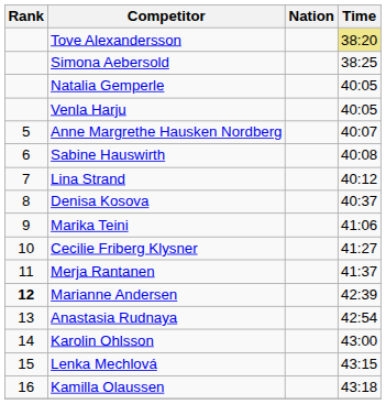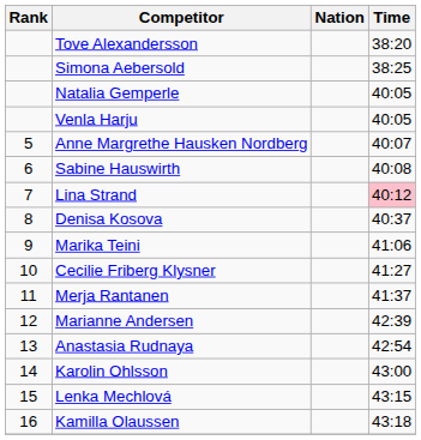 <table class="wikitable sortable" style="text-align:left">
 <tr>
 <th data-sort-type="number">Rank</th>
 <th class="unsortable">Competitor</th>
 <th>Nation</th>
 <th>Time</th>
 </tr>
 <tr>
 <td style="text-align:center"></td>
 <td><a href='#'>Tove Alexandersson</a></td>
 <td></td>
-<td style="background: khaki; text-align:right">38:20</td>
+<td style="text-align:right">38:20</td>
 </tr>
 <tr>
 <td style="text-align:center"></td>
 <td><a href='#'>Simona Aebersold</a></td>
 <td></td>
 <td style="text-align:right">38:25</td>
 </tr>
 <tr>
 <td style="text-align:center"></td>
 <td><a href='#'>Natalia Gemperle</a></td>
 <td></td>
 <td style="text-align:right">40:05</td>
 </tr>
 <tr>
 <td style="text-align:center"></td>
 <td><a href='#'>Venla Harju</a></td>
 <td></td>
 <td style="text-align:right">40:05</td>
 </tr>
 <tr>
 <td style="text-align:center">5</td>
 <td><a href='#'>Anne Margrethe Hausken Nordberg</a></td>
 <td></td>
 <td style="text-align:right">40:07</td>
 </tr>
 <tr>
 <td style="text-align:center">6</td>
 <td><a href='#'>Sabine Hauswirth</a></td>
 <td></td>
 <td style="text-align:right">40:08</td>
 </tr>
 <tr>
 <td style="text-align:center">7</td>
 <td><a href='#'>Lina Strand</a></td>
 <td></td>
-<td style="text-align:right">40:12</td>
+<td style="background: pink; text-align:right">40:12</td>
 </tr>
 <tr>
 <td style="text-align:center">8</td>
 <td><a href='#'>Denisa Kosova</a></td>
 <td></td>
 <td style="text-align:right">40:37</td>
 </tr>
 <tr>
 <td style="text-align:center">9</td>
 <td><a href='#'>Marika Teini</a></td>
 <td></td>
 <td style="text-align:right">41:06</td>
 </tr>
 <tr>
 <td style="text-align:center">10</td>
 <td><a href='#'>Cecilie Friberg Klysner</a></td>
 <td></td>
 <td style="text-align:right">41:27</td>
 </tr>
 <tr>
 <td style="text-align:center">11</td>
 <td><a href='#'>Merja Rantanen</a></td>
 <td></td>
 <td style="text-align:right">41:37</td>
 </tr>
 <tr>
-<td style="text-align:center"><strong>12</strong></td>
+<td style="text-align:center">12</td>
 <td><a href='#'>Marianne Andersen</a></td>
 <td></td>
 <td style="text-align:right">42:39</td>
 </tr>
 <tr>
 <td style="text-align:center">13</td>
 <td><a href='#'>Anastasia Rudnaya</a></td>
 <td></td>
 <td style="text-align:right">42:54</td>
 </tr>
 <tr>
 <td style="text-align:center">14</td>
 <td><a href='#'>Karolin Ohlsson</a></td>
 <td></td>
 <td style="text-align:right">43:00</td>
 </tr>
 <tr>
 <td style="text-align:center">15</td>
 <td><a href='#'>Lenka Mechlová</a></td>
 <td></td>
 <td style="text-align:right">43:15</td>
 </tr>
 <tr>
 <td style="text-align:center">16</td>
 <td><a href='#'>Kamilla Olaussen</a></td>
 <td></td>
 <td style="text-align:right">43:18</td>
 </tr>
 <tr>
 </tr>
 </table>
